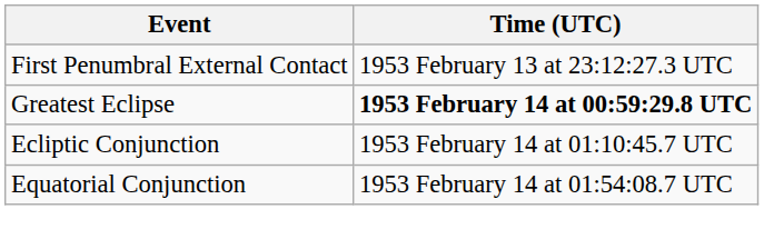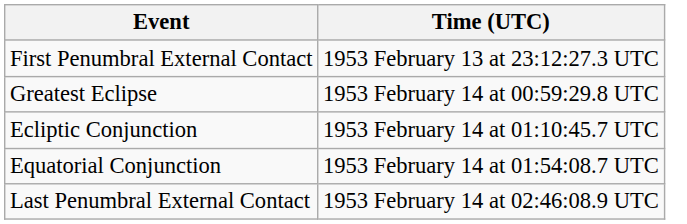 <table class="wikitable">
 <tr>
 <th>Event</th>
 <th>Time (UTC)</th>
 </tr>
 <tr>
 <td>First Penumbral External Contact</td>
 <td>1953 February 13 at 23:12:27.3 UTC</td>
 </tr>
 <tr>
 <td>Greatest Eclipse</td>
-<td><strong>1953 February 14 at 00:59:29.8 UTC</strong></td>
+<td>1953 February 14 at 00:59:29.8 UTC</td>
 </tr>
 <tr>
 <td>Ecliptic Conjunction</td>
 <td>1953 February 14 at 01:10:45.7 UTC</td>
 </tr>
 <tr>
 <td>Equatorial Conjunction</td>
 <td>1953 February 14 at 01:54:08.7 UTC</td>
 </tr>
+<tr>
+<td>Last Penumbral External Contact</td>
+<td>1953 February 14 at 02:46:08.9 UTC</td>
+</tr>
 </table>
